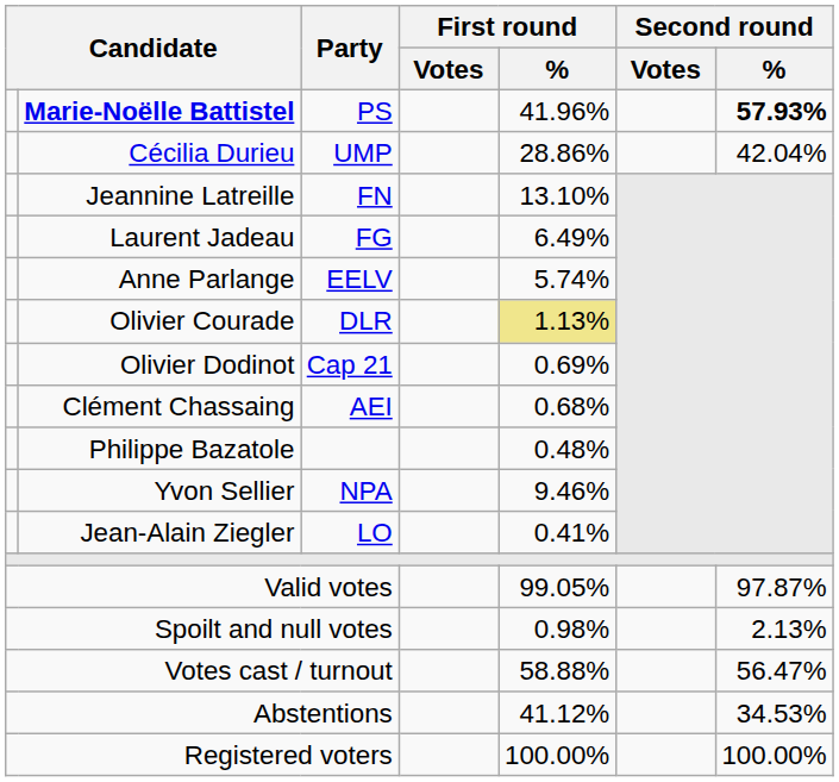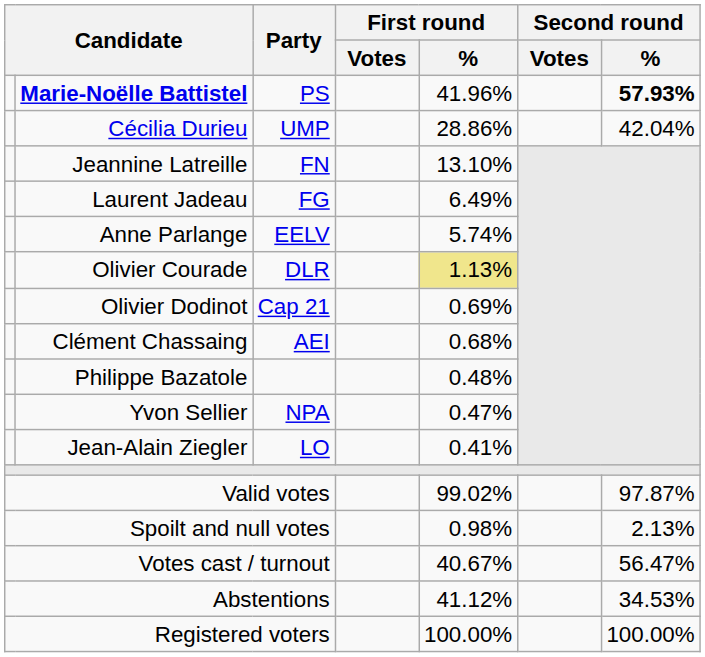 <table class="wikitable" style="text-align:right;font-size:95%;">
 <tr>
 <th rowspan=2 colspan=2>Candidate</th>
 <th rowspan=2 colspan=1>Party</th>
 <th colspan=2>First round</th>
 <th colspan=2>Second round</th>
 </tr>
 <tr>
 <th style="width:50px;">Votes</th>
 <th style="width:55px;">%</th>
 <th style="width:50px;">Votes</th>
 <th style="width:55px;">%</th>
 </tr>
 <tr>
 <td style="color:inherit;background-color:"></td>
 <td><strong><a href='#'>Marie-Noëlle Battistel</a></strong></td>
 <td><a href='#'>PS</a></td>
 <td></td>
 <td>41.96%</td>
 <td><strong></strong></td>
 <td><strong>57.93%</strong></td>
 </tr>
 <tr>
 <td style="color:inherit;background-color:"></td>
 <td><a href='#'>Cécilia Durieu</a></td>
 <td><a href='#'>UMP</a></td>
 <td></td>
 <td>28.86%</td>
 <td></td>
 <td>42.04%</td>
 </tr>
 <tr>
 <td style="color:inherit;background-color:"></td>
 <td>Jeannine Latreille</td>
 <td><a href='#'>FN</a></td>
 <td></td>
 <td>13.10%</td>
 <td colspan=7 rowspan=9 style="background-color:#E9E9E9;"></td>
 </tr>
 <tr>
 <td style="color:inherit;background-color:"></td>
 <td>Laurent Jadeau</td>
 <td><a href='#'>FG</a></td>
 <td></td>
 <td>6.49%</td>
 </tr>
 <tr>
 <td style="color:inherit;background-color:"></td>
 <td>Anne Parlange</td>
 <td><a href='#'>EELV</a></td>
 <td></td>
 <td>5.74%</td>
 </tr>
 <tr>
 <td style="color:inherit;background-color:"></td>
 <td>Olivier Courade</td>
 <td><a href='#'>DLR</a></td>
 <td></td>
 <td style="background: khaki;">1.13%</td>
 </tr>
 <tr>
 <td style="color:inherit;background-color:"></td>
 <td>Olivier Dodinot</td>
 <td><a href='#'>Cap 21</a></td>
 <td></td>
 <td>0.69%</td>
 </tr>
 <tr>
 <td style="color:inherit;background-color:"></td>
 <td>Clément Chassaing</td>
 <td><a href='#'>AEI</a></td>
 <td></td>
 <td>0.68%</td>
 </tr>
 <tr>
 <td style="color:inherit;background-color:"></td>
 <td>Philippe Bazatole</td>
 <td></td>
 <td></td>
 <td>0.48%</td>
 </tr>
 <tr>
 <td style="color:inherit;background-color:"></td>
 <td>Yvon Sellier</td>
 <td><a href='#'>NPA</a></td>
 <td></td>
-<td>9.46%</td>
+<td>0.47%</td>
 </tr>
 <tr>
 <td style="color:inherit;background-color:"></td>
 <td>Jean-Alain Ziegler</td>
 <td><a href='#'>LO</a></td>
 <td></td>
 <td>0.41%</td>
 </tr>
 <tr>
 <td colspan=7 style="background-color:#E9E9E9;"></td>
 </tr>
 <tr>
 <td colspan=3>Valid votes</td>
 <td></td>
-<td>99.05%</td>
+<td>99.02%</td>
 <td></td>
 <td>97.87%</td>
 </tr>
 <tr>
 <td colspan=3>Spoilt and null votes</td>
 <td></td>
 <td>0.98%</td>
 <td></td>
 <td>2.13%</td>
 </tr>
 <tr>
 <td colspan=3>Votes cast / turnout</td>
 <td></td>
-<td>58.88%</td>
+<td>40.67%</td>
 <td></td>
 <td>56.47%</td>
 </tr>
 <tr>
 <td colspan=3>Abstentions</td>
 <td></td>
 <td>41.12%</td>
 <td></td>
 <td>34.53%</td>
 </tr>
 <tr>
 <td colspan=3>Registered voters</td>
 <td></td>
 <td>100.00%</td>
 <td></td>
 <td>100.00%</td>
 </tr>
 </table>
